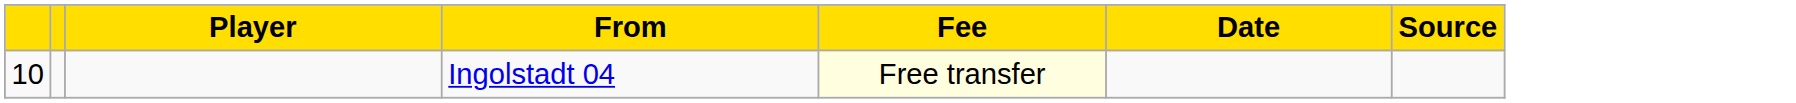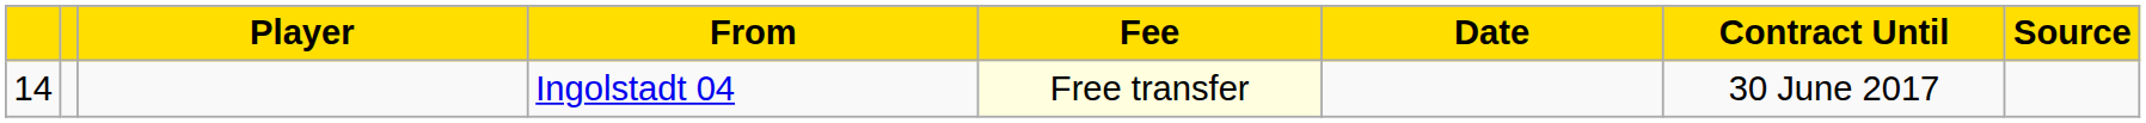 <table class="wikitable sortable">
 <tr>
 <th style="background:#FFDE00"></th>
 <th style="background:#FFDE00"></th>
 <th width=200 style="background:#FFDE00">Player</th>
 <th width=200 style="background:#FFDE00">From</th>
 <th width=150 style="background:#FFDE00">Fee</th>
 <th width=150 style="background:#FFDE00">Date</th>
+<th width=150 style="background:#FFDE00">Contract Until</th>
 <th style="background:#FFDE00">Source</th>
 </tr>
 <tr>
-<td align=center>10</td>
+<td align=center>14</td>
 <td align=center></td>
 <td></td>
 <td> <a href='#'>Ingolstadt 04</a></td>
 <td align=center style="background: lightyellow;">Free transfer</td>
 <td align=center></td>
+<td align=center>30 June 2017</td>
 <td align=center></td>
 </tr>
 </table>
